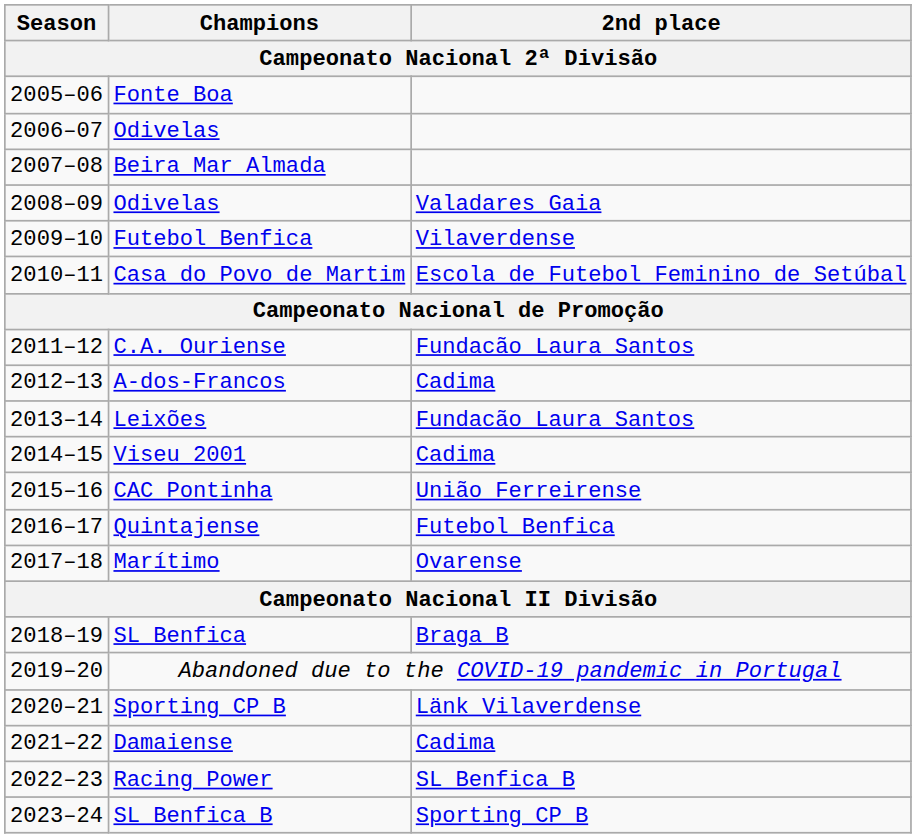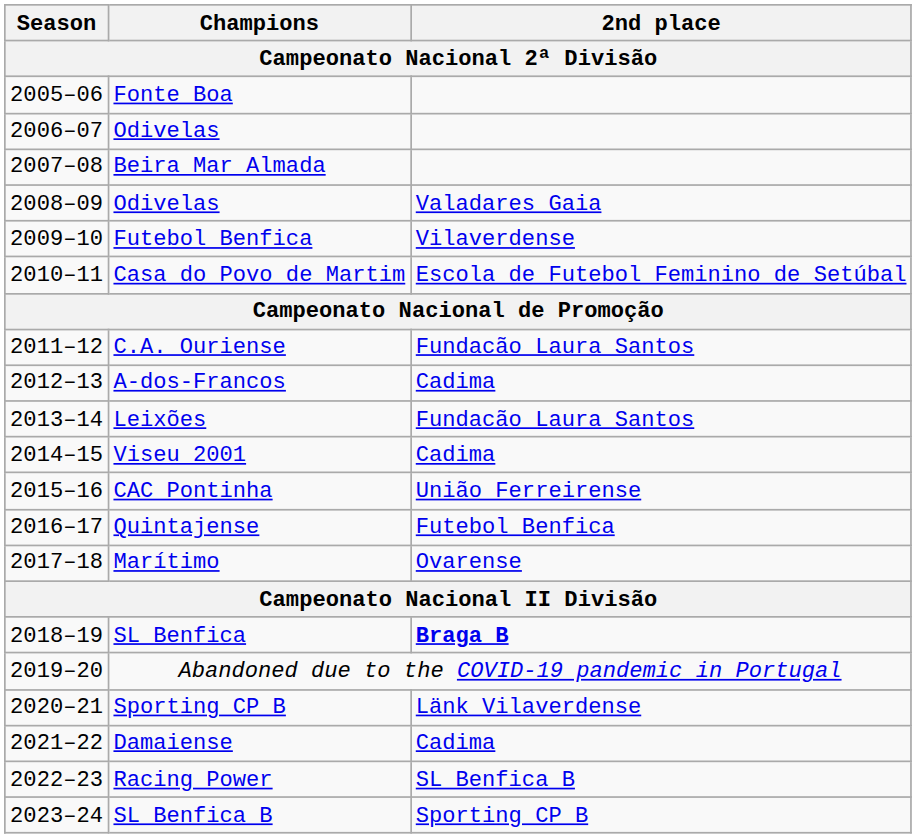 <table class="wikitable">
 <tr>
 <th>Season</th>
 <th>Champions</th>
 <th>2nd place</th>
 </tr>
 <tr>
 <th colspan=3>Campeonato Nacional 2ª Divisão</th>
 </tr>
 <tr>
 <td>2005–06</td>
 <td><a href='#'>Fonte Boa</a></td>
 <td></td>
 </tr>
 <tr>
 <td>2006–07</td>
 <td><a href='#'>Odivelas</a></td>
 <td></td>
 </tr>
 <tr>
 <td>2007–08</td>
 <td><a href='#'>Beira Mar Almada</a></td>
 <td></td>
 </tr>
 <tr>
 <td>2008–09</td>
 <td><a href='#'>Odivelas</a></td>
 <td><a href='#'>Valadares Gaia</a></td>
 </tr>
 <tr>
 <td>2009–10</td>
 <td><a href='#'>Futebol Benfica</a></td>
 <td><a href='#'>Vilaverdense</a></td>
 </tr>
 <tr>
 <td>2010–11</td>
 <td><a href='#'>Casa do Povo de Martim</a></td>
 <td><a href='#'>Escola de Futebol Feminino de Setúbal</a></td>
 </tr>
 <tr>
 <th colspan=3>Campeonato Nacional de Promoção</th>
 </tr>
 <tr>
 <td>2011–12</td>
 <td><a href='#'>C.A. Ouriense</a></td>
 <td><a href='#'>Fundacão Laura Santos</a></td>
 </tr>
 <tr>
 <td>2012–13</td>
 <td><a href='#'>A-dos-Francos</a></td>
 <td><a href='#'>Cadima</a></td>
 </tr>
 <tr>
 <td>2013–14</td>
 <td><a href='#'>Leixões</a></td>
 <td><a href='#'>Fundacão Laura Santos</a></td>
 </tr>
 <tr>
 <td>2014–15</td>
 <td><a href='#'>Viseu 2001</a></td>
 <td><a href='#'>Cadima</a></td>
 </tr>
 <tr>
 <td>2015–16</td>
 <td><a href='#'>CAC Pontinha</a></td>
 <td><a href='#'>União Ferreirense</a></td>
 </tr>
 <tr>
 <td>2016–17</td>
 <td><a href='#'>Quintajense</a></td>
 <td><a href='#'>Futebol Benfica</a></td>
 </tr>
 <tr>
 <td>2017–18</td>
 <td><a href='#'>Marítimo</a></td>
 <td><a href='#'>Ovarense</a></td>
 </tr>
 <tr>
 <th colspan=3>Campeonato Nacional II Divisão</th>
 </tr>
 <tr>
 <td>2018–19</td>
 <td><a href='#'>SL Benfica</a></td>
-<td><a href='#'>Braga B</a></td>
+<td><strong><a href='#'>Braga B</a></strong></td>
 </tr>
 <tr>
 <td>2019–20</td>
 <td colspan=2 align=center><em>Abandoned due to the <a href='#'>COVID-19 pandemic in Portugal</a></em></td>
 </tr>
 <tr>
 <td>2020–21</td>
 <td><a href='#'>Sporting CP B</a></td>
 <td><a href='#'>Länk Vilaverdense</a></td>
 </tr>
 <tr>
 <td>2021–22</td>
 <td><a href='#'>Damaiense</a></td>
 <td><a href='#'>Cadima</a></td>
 </tr>
 <tr>
 <td>2022–23</td>
 <td><a href='#'>Racing Power</a></td>
 <td><a href='#'>SL Benfica B</a></td>
 </tr>
 <tr>
 <td>2023–24</td>
 <td><a href='#'>SL Benfica B</a></td>
 <td><a href='#'>Sporting CP B</a></td>
 </tr>
 </table>
